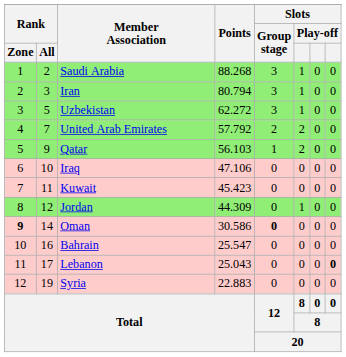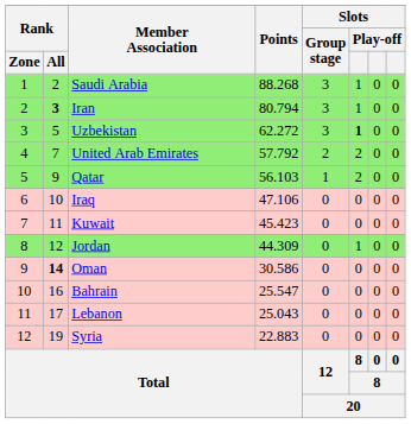 <table class="wikitable" style="text-align:center">
 <tr>
 </tr>
 <tr>
 <th colspan=2 rowspan=2>Rank</th>
 <th rowspan=3 width=200>Member<br>Association</th>
 <th rowspan=3>Points</th>
 <th colspan=4>Slots</th>
 </tr>
 <tr>
 <th rowspan=2>Group<br>stage</th>
 <th colspan=3>Play-off</th>
 </tr>
 <tr>
 <th>Zone</th>
 <th>All</th>
 <th></th>
 <th></th>
 <th></th>
 </tr>
 <tr bgcolor=#90ee77>
 <td>1</td>
 <td>2</td>
 <td align=left> <a href='#'>Saudi Arabia</a></td>
 <td>88.268</td>
 <td>3</td>
 <td>1</td>
 <td>0</td>
 <td>0</td>
 </tr>
 <tr bgcolor=#90ee77>
 <td>2</td>
-<td>3</td>
+<td><strong>3</strong></td>
 <td align=left> <a href='#'>Iran</a></td>
 <td>80.794</td>
 <td>3</td>
 <td>1</td>
 <td>0</td>
 <td>0</td>
 </tr>
 <tr bgcolor=#90ee77>
 <td>3</td>
 <td>5</td>
 <td align=left> <a href='#'>Uzbekistan</a></td>
 <td>62.272</td>
 <td>3</td>
-<td>1</td>
+<td><strong>1</strong></td>
 <td>0</td>
 <td>0</td>
 </tr>
 <tr bgcolor=#90ee77>
 <td>4</td>
 <td>7</td>
 <td align=left> <a href='#'>United Arab Emirates</a></td>
 <td>57.792</td>
 <td>2</td>
 <td>2</td>
 <td>0</td>
 <td>0</td>
 </tr>
 <tr bgcolor=#90ee77>
 <td>5</td>
 <td>9</td>
 <td align=left> <a href='#'>Qatar</a></td>
 <td>56.103</td>
 <td>1</td>
 <td>2</td>
 <td>0</td>
 <td>0</td>
 </tr>
 <tr bgcolor=#ffcccc>
 <td>6</td>
 <td>10</td>
 <td align=left> <a href='#'>Iraq</a></td>
 <td>47.106</td>
 <td>0</td>
 <td>0</td>
 <td>0</td>
 <td>0</td>
 </tr>
 <tr bgcolor=#ffcccc>
 <td>7</td>
 <td>11</td>
 <td align=left> <a href='#'>Kuwait</a></td>
 <td>45.423</td>
 <td>0</td>
 <td>0</td>
 <td>0</td>
 <td>0</td>
 </tr>
 <tr bgcolor=#90ee77>
 <td>8</td>
 <td>12</td>
 <td align=left> <a href='#'>Jordan</a></td>
 <td>44.309</td>
 <td>0</td>
 <td>1</td>
 <td>0</td>
 <td>0</td>
 </tr>
 <tr bgcolor=#ffcccc>
-<td><strong>9</strong></td>
-<td>14</td>
+<td>9</td>
+<td><strong>14</strong></td>
 <td align=left> <a href='#'>Oman</a></td>
 <td>30.586</td>
-<td><strong>0</strong></td>
+<td>0</td>
 <td>0</td>
 <td>0</td>
 <td>0</td>
 </tr>
 <tr bgcolor=#ffcccc>
 <td>10</td>
 <td>16</td>
 <td align=left> <a href='#'>Bahrain</a></td>
 <td>25.547</td>
 <td>0</td>
 <td>0</td>
 <td>0</td>
 <td>0</td>
 </tr>
 <tr bgcolor=#ffcccc>
 <td>11</td>
 <td>17</td>
 <td align=left> <a href='#'>Lebanon</a></td>
 <td>25.043</td>
 <td>0</td>
 <td>0</td>
 <td>0</td>
-<td><strong>0</strong></td>
+<td>0</td>
 </tr>
 <tr bgcolor=#ffcccc>
 <td>12</td>
 <td>19</td>
 <td align=left> <a href='#'>Syria</a></td>
 <td>22.883</td>
 <td>0</td>
 <td>0</td>
 <td>0</td>
 <td>0</td>
 </tr>
 <tr>
 <th colspan=4 rowspan=3>Total</th>
 <th rowspan=2>12</th>
 <th>8</th>
 <th>0</th>
 <th>0</th>
 </tr>
 <tr>
 <th colspan=3>8</th>
 </tr>
 <tr>
 <th colspan=4>20</th>
 </tr>
 </table>
